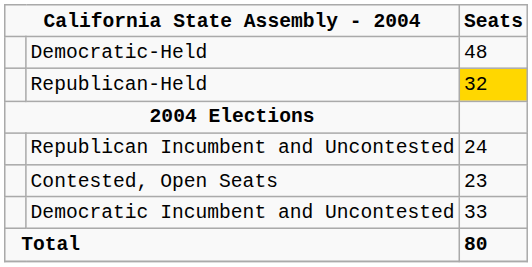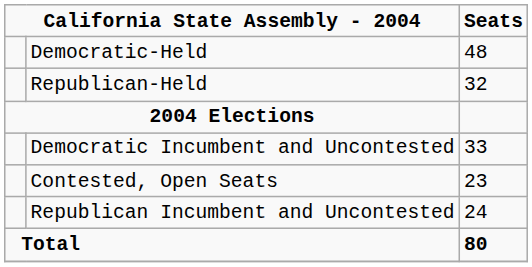 <table class="wikitable">
 <tr>
 <td colspan="2" rowspan="1" align="center" valign="top"><strong>California State Assembly - 2004</strong></td>
 <td style="vertical-align:top;"><strong>Seats</strong><br></td>
 </tr>
 <tr>
 <td style="background-color:"> </td>
 <td>Democratic-Held</td>
 <td>48</td>
 </tr>
 <tr>
 <td style="background-color:"> </td>
 <td>Republican-Held</td>
-<td style="background: gold;">32</td>
+<td>32</td>
 </tr>
 <tr>
 <td colspan="2" rowspan="1" align="center"><strong>2004 Elections</strong></td>
 </tr>
 <tr>
 <td style="background-color:"> </td>
-<td>Republican Incumbent and Uncontested</td>
-<td>24</td>
+<td>Democratic Incumbent and Uncontested</td>
+<td>33</td>
 </tr>
 <tr>
 <td style="background-color:"> </td>
 <td>Contested, Open Seats</td>
 <td>23</td>
 </tr>
 <tr>
 <td style="background-color:"> </td>
-<td>Democratic Incumbent and Uncontested</td>
-<td>33</td>
+<td>Republican Incumbent and Uncontested</td>
+<td>24</td>
 </tr>
 <tr>
 <td colspan="2" rowspan="1"> <strong>Total</strong><br></td>
 <td><strong>80</strong></td>
 </tr>
 <tr>
 </tr>
 </table>
